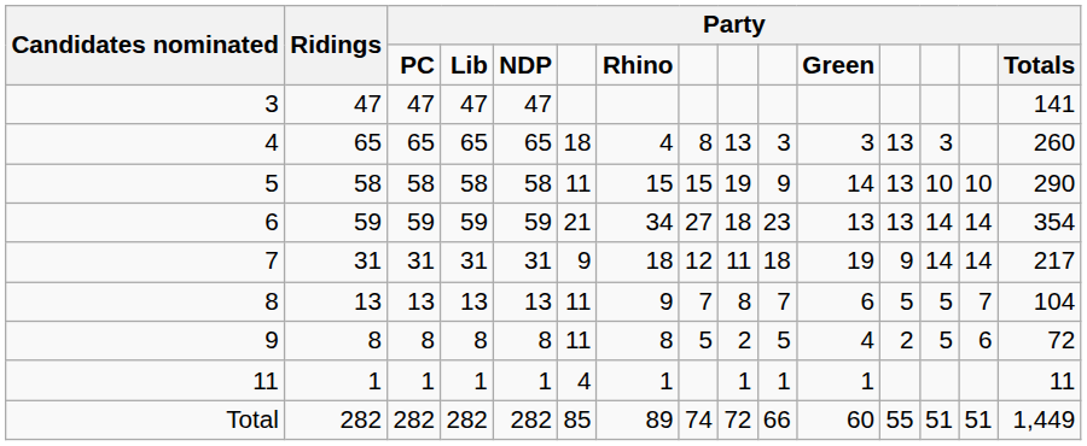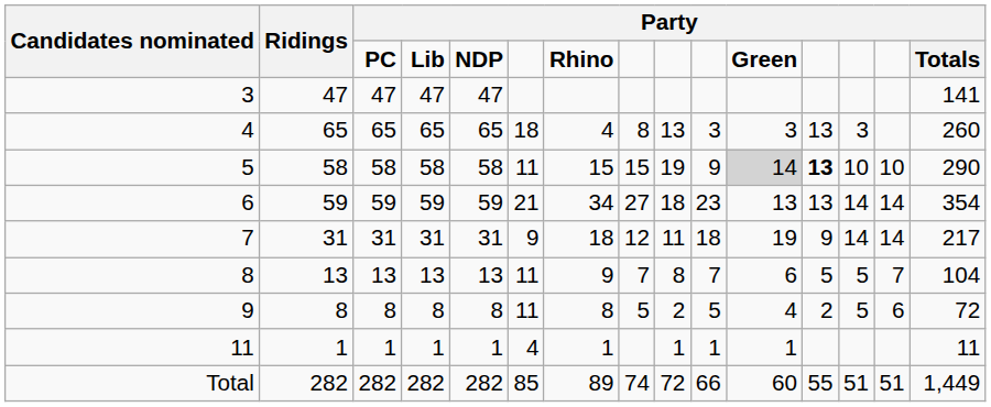 <table class="wikitable" style="text-align:right;">
 <tr>
 <th rowspan="2">Candidates nominated</th>
 <th rowspan="2">Ridings</th>
 <th colspan="16">Party</th>
 </tr>
 <tr>
 <td><strong>PC</strong></td>
 <td><strong>Lib</strong></td>
 <td><strong>NDP</strong></td>
 <td><strong></strong></td>
 <td><strong>Rhino</strong></td>
 <td><strong></strong></td>
 <td><strong></strong></td>
 <td><strong></strong></td>
 <td><strong>Green</strong></td>
 <td><strong></strong></td>
 <td><strong></strong></td>
 <td><strong></strong></td>
 <th>Totals</th>
 </tr>
 <tr>
 <td>3</td>
 <td>47</td>
 <td>47</td>
 <td>47</td>
 <td>47</td>
 <td></td>
 <td></td>
 <td></td>
 <td></td>
 <td></td>
 <td></td>
 <td></td>
 <td></td>
 <td></td>
 <td>141</td>
 </tr>
 <tr>
 <td>4</td>
 <td>65</td>
 <td>65</td>
 <td>65</td>
 <td>65</td>
 <td>18</td>
 <td>4</td>
 <td>8</td>
 <td>13</td>
 <td>3</td>
 <td>3</td>
 <td>13</td>
 <td>3</td>
 <td></td>
 <td>260</td>
 </tr>
 <tr>
 <td>5</td>
 <td>58</td>
 <td>58</td>
 <td>58</td>
 <td>58</td>
 <td>11</td>
 <td>15</td>
 <td>15</td>
 <td>19</td>
 <td>9</td>
-<td>14</td>
-<td>13</td>
+<td style="background: lightgrey;">14</td>
+<td><strong>13</strong></td>
 <td>10</td>
 <td>10</td>
 <td>290</td>
 </tr>
 <tr>
 <td>6</td>
 <td>59</td>
 <td>59</td>
 <td>59</td>
 <td>59</td>
 <td>21</td>
 <td>34</td>
 <td>27</td>
 <td>18</td>
 <td>23</td>
 <td>13</td>
 <td>13</td>
 <td>14</td>
 <td>14</td>
 <td>354</td>
 </tr>
 <tr>
 <td>7</td>
 <td>31</td>
 <td>31</td>
 <td>31</td>
 <td>31</td>
 <td>9</td>
 <td>18</td>
 <td>12</td>
 <td>11</td>
 <td>18</td>
 <td>19</td>
 <td>9</td>
 <td>14</td>
 <td>14</td>
 <td>217</td>
 </tr>
 <tr>
 <td>8</td>
 <td>13</td>
 <td>13</td>
 <td>13</td>
 <td>13</td>
 <td>11</td>
 <td>9</td>
 <td>7</td>
 <td>8</td>
 <td>7</td>
 <td>6</td>
 <td>5</td>
 <td>5</td>
 <td>7</td>
 <td>104</td>
 </tr>
 <tr>
 <td>9</td>
 <td>8</td>
 <td>8</td>
 <td>8</td>
 <td>8</td>
 <td>11</td>
 <td>8</td>
 <td>5</td>
 <td>2</td>
 <td>5</td>
 <td>4</td>
 <td>2</td>
 <td>5</td>
 <td>6</td>
 <td>72</td>
 </tr>
 <tr>
 <td>11</td>
 <td>1</td>
 <td>1</td>
 <td>1</td>
 <td>1</td>
 <td>4</td>
 <td>1</td>
 <td></td>
 <td>1</td>
 <td>1</td>
 <td>1</td>
 <td></td>
 <td></td>
 <td></td>
 <td>11</td>
 </tr>
 <tr>
 <td>Total</td>
 <td>282</td>
 <td>282</td>
 <td>282</td>
 <td>282</td>
 <td>85</td>
 <td>89</td>
 <td>74</td>
 <td>72</td>
 <td>66</td>
 <td>60</td>
 <td>55</td>
 <td>51</td>
 <td>51</td>
 <td>1,449</td>
 </tr>
 </table>
